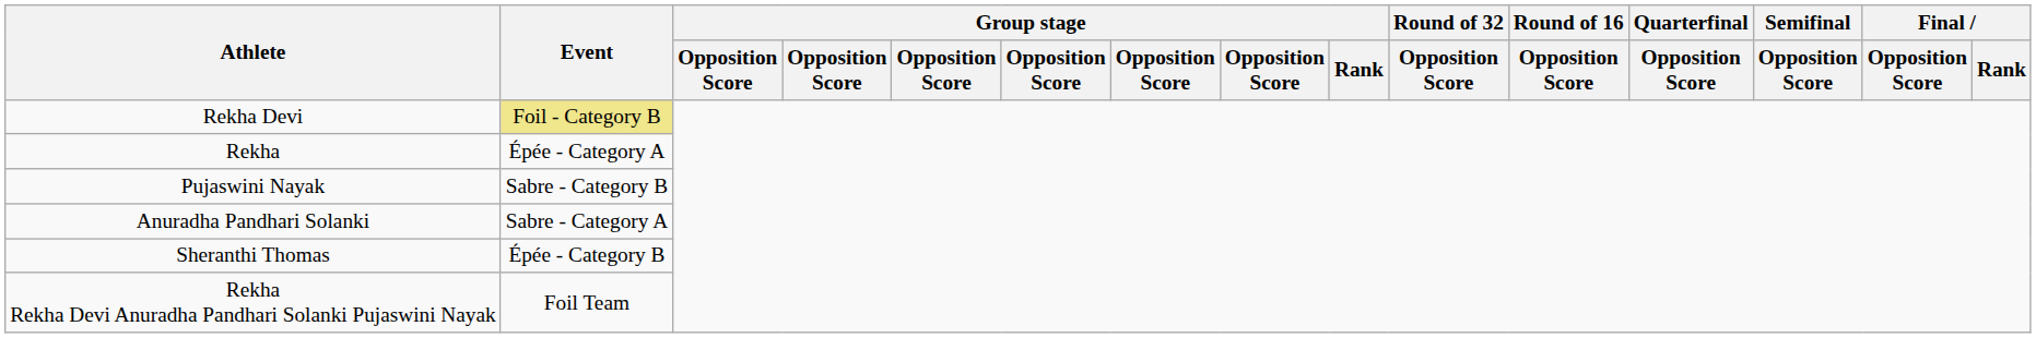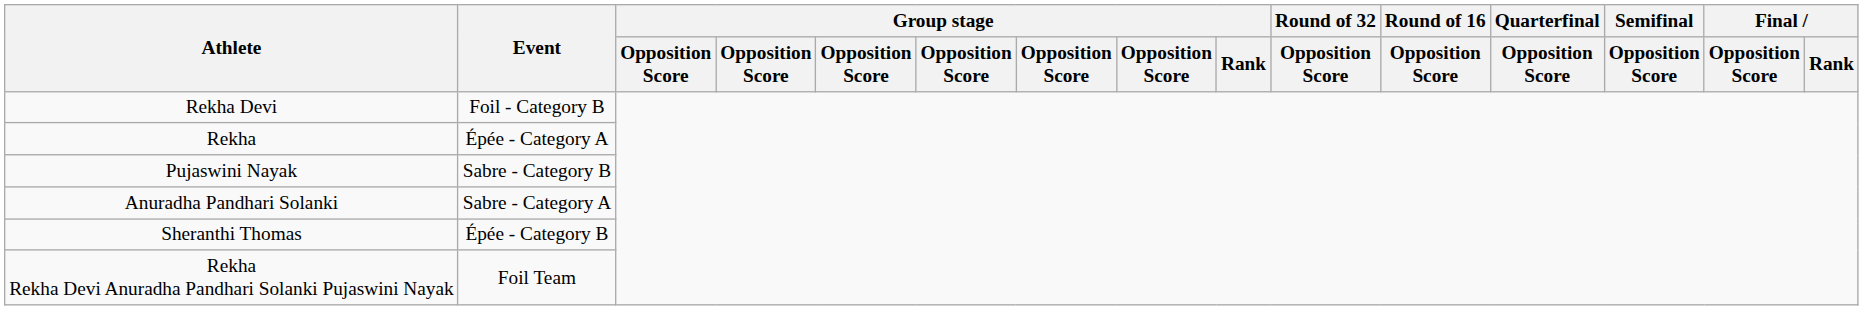 <table class="wikitable" style="text-align:center; font-size:90%">
 <tr>
 <th rowspan="2">Athlete</th>
 <th rowspan="2">Event</th>
 <th colspan="7">Group stage</th>
 <th>Round of 32</th>
 <th>Round of 16</th>
 <th>Quarterfinal</th>
 <th>Semifinal</th>
 <th colspan="2">Final / </th>
 </tr>
 <tr>
 <th>Opposition<br>Score</th>
 <th>Opposition<br>Score</th>
 <th>Opposition<br>Score</th>
 <th>Opposition<br>Score</th>
 <th>Opposition<br>Score</th>
 <th>Opposition<br>Score</th>
 <th>Rank</th>
 <th>Opposition<br>Score</th>
 <th>Opposition<br>Score</th>
 <th>Opposition<br>Score</th>
 <th>Opposition<br>Score</th>
 <th>Opposition<br>Score</th>
 <th>Rank</th>
 </tr>
 <tr>
 <td>Rekha Devi</td>
-<td style="background: khaki;">Foil - Category B</td>
+<td>Foil - Category B</td>
 </tr>
 <tr>
 <td>Rekha</td>
 <td>Épée - Category A</td>
 </tr>
 <tr>
 <td>Pujaswini Nayak</td>
 <td>Sabre - Category B</td>
 </tr>
 <tr>
 <td>Anuradha Pandhari Solanki</td>
 <td>Sabre - Category A</td>
 </tr>
 <tr>
 <td>Sheranthi Thomas</td>
 <td>Épée - Category  B</td>
 </tr>
 <tr>
 <td>Rekha<br>Rekha Devi Anuradha Pandhari Solanki Pujaswini Nayak</td>
 <td>Foil Team</td>
 </tr>
 </table>
